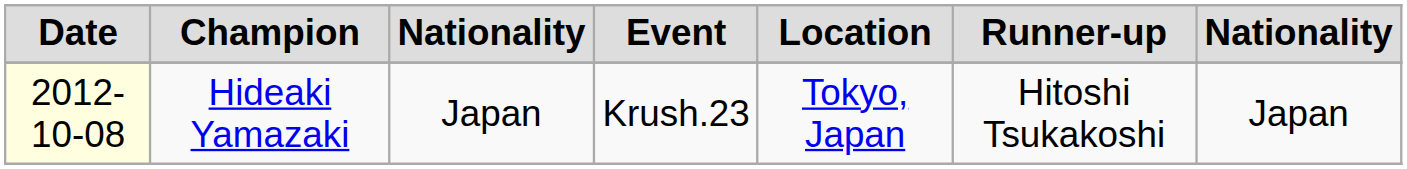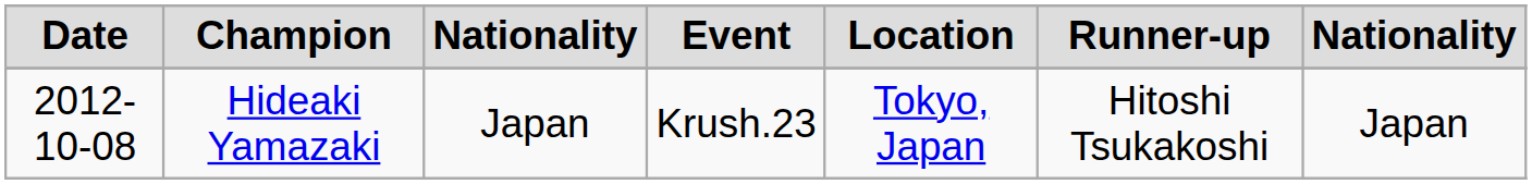 <table class="wikitable" style="text-align:center">
 <tr>
 </tr>
 <tr bgcolor="#dddddd">
 <td><strong>Date</strong></td>
 <td><strong>Champion</strong></td>
 <td><strong>Nationality</strong></td>
 <td><strong>Event</strong></td>
 <td><strong>Location</strong></td>
 <td><strong>Runner-up</strong></td>
 <td><strong>Nationality</strong></td>
 </tr>
 <tr>
 </tr>
 <tr>
-<td style="background: lightyellow;">2012-10-08</td>
+<td>2012-10-08</td>
 <td><a href='#'>Hideaki Yamazaki</a></td>
 <td> Japan</td>
 <td>Krush.23</td>
 <td><a href='#'>Tokyo, Japan</a></td>
 <td>Hitoshi Tsukakoshi</td>
 <td> Japan</td>
 </tr>
 <tr>
 </tr>
 </table>
